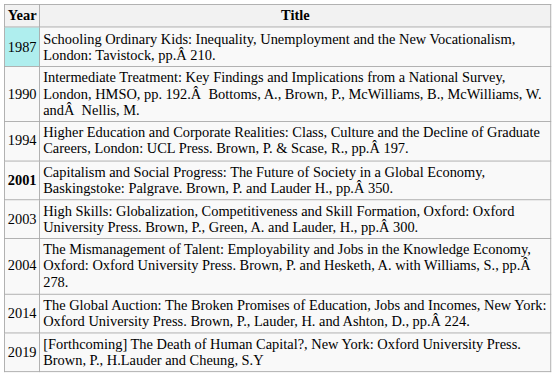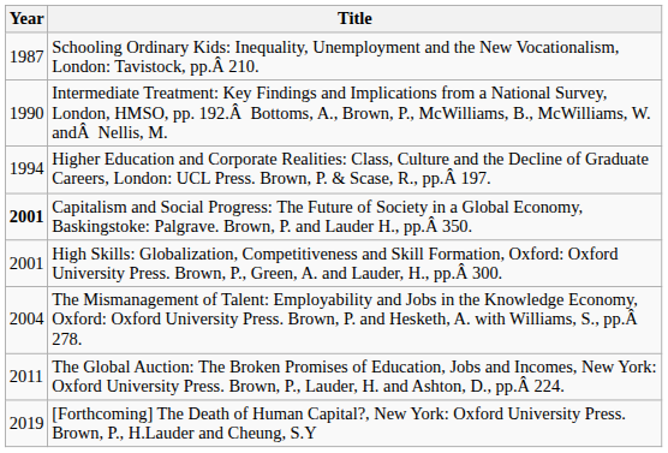 <table class="wikitable">
 <tr>
 <th>Year</th>
 <th>Title</th>
 </tr>
 <tr>
-<td style="background: paleturquoise;">1987</td>
+<td>1987</td>
 <td>Schooling Ordinary Kids: Inequality, Unemployment and the New Vocationalism, London: Tavistock, pp.Â 210.</td>
 </tr>
 <tr>
 <td>1990</td>
 <td>Intermediate Treatment: Key Findings and Implications from a National Survey, London, HMSO, pp. 192.Â  Bottoms, A., Brown, P., McWilliams, B., McWilliams, W. andÂ  Nellis, M.</td>
 </tr>
 <tr>
 <td>1994</td>
 <td>Higher Education and Corporate Realities: Class, Culture and the Decline of Graduate Careers, London: UCL Press. Brown, P. & Scase, R., pp.Â 197.</td>
 </tr>
 <tr>
 <td><strong>2001</strong></td>
 <td>Capitalism and Social Progress: The Future of Society in a Global Economy, Baskingstoke: Palgrave. Brown, P. and Lauder H., pp.Â 350.</td>
 </tr>
 <tr>
-<td>2003</td>
+<td>2001</td>
 <td>High Skills: Globalization, Competitiveness and Skill Formation, Oxford: Oxford University Press. Brown, P., Green, A. and Lauder, H., pp.Â 300.</td>
 </tr>
 <tr>
 <td>2004</td>
 <td>The Mismanagement of Talent: Employability and Jobs in the Knowledge Economy, Oxford: Oxford University Press. Brown, P. and Hesketh, A. with Williams, S., pp.Â 278.</td>
 </tr>
 <tr>
-<td>2014</td>
+<td>2011</td>
 <td>The Global Auction: The Broken Promises of Education, Jobs and Incomes, New York: Oxford University Press. Brown, P., Lauder, H. and Ashton, D., pp.Â 224.</td>
 </tr>
 <tr>
 <td>2019</td>
 <td>[Forthcoming] The Death of Human Capital?, New York: Oxford University Press. Brown, P., H.Lauder and Cheung, S.Y</td>
 </tr>
 </table>
